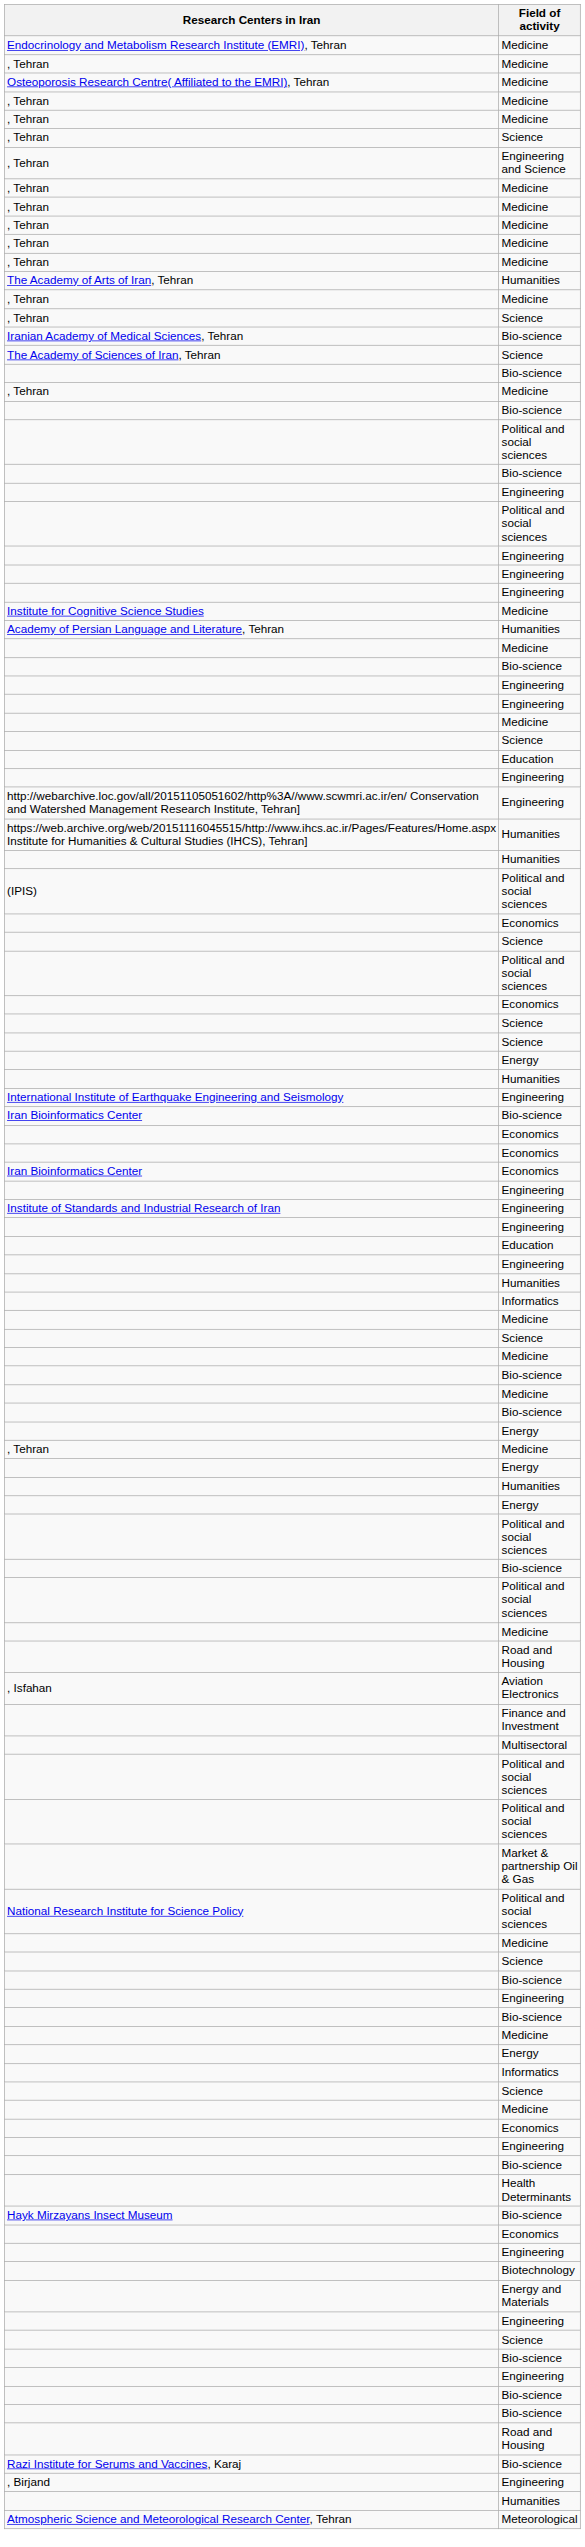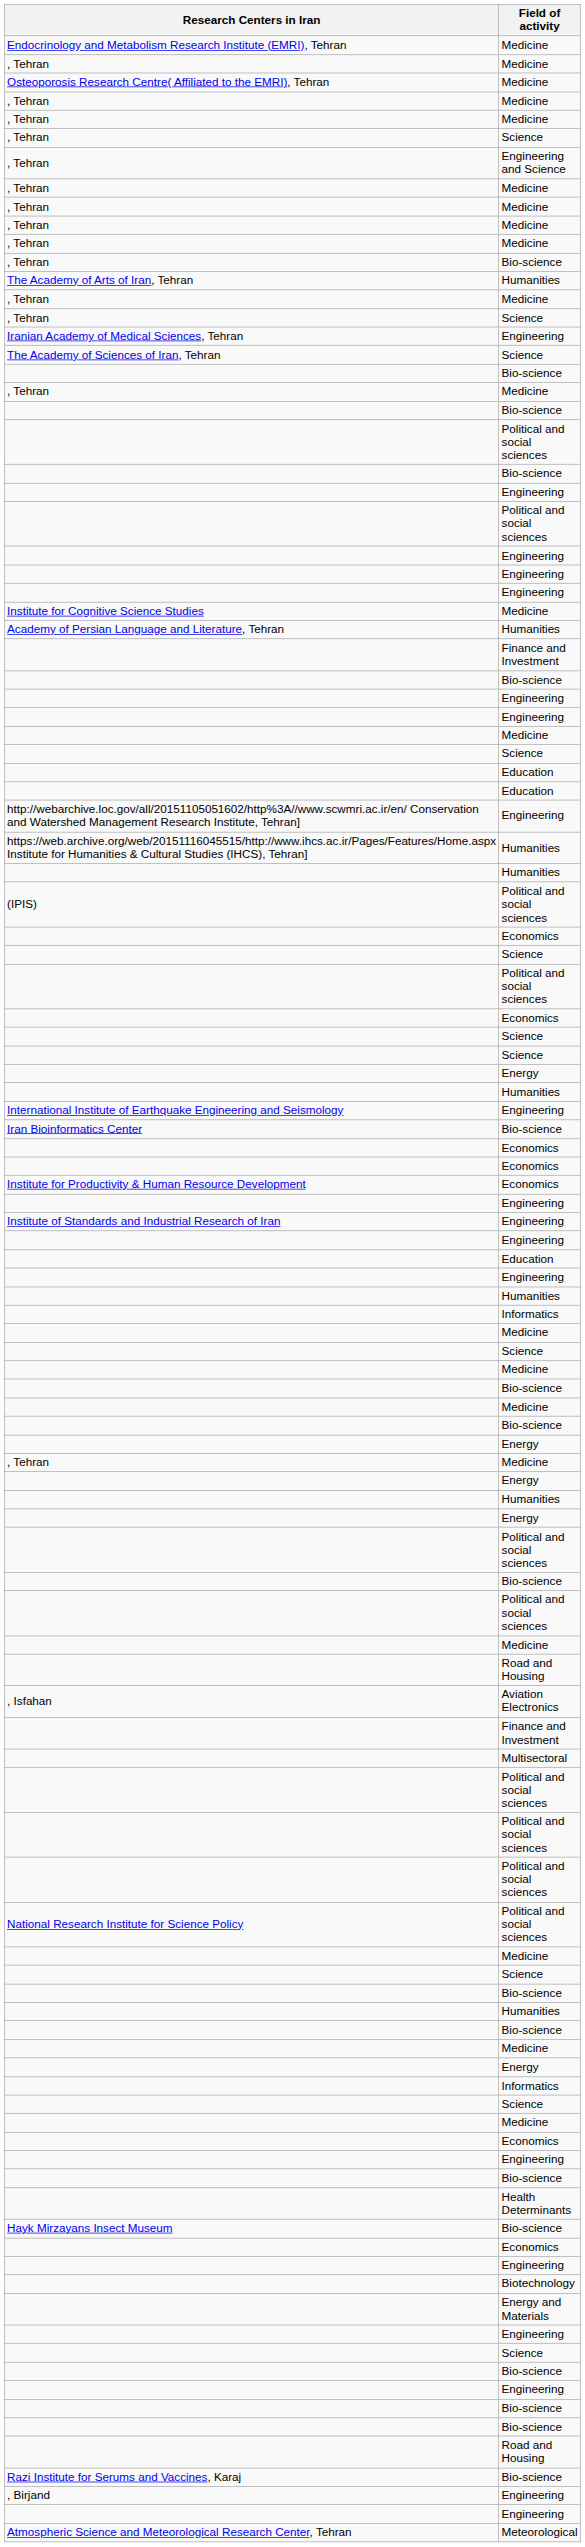 <table class="wikitable sortable">
 <tr>
 <th>Research Centers in Iran</th>
 <th>Field of activity</th>
 </tr>
 <tr>
 <td><a href='#'>Endocrinology and Metabolism Research Institute (EMRI)</a>,  Tehran </td>
 <td>Medicine</td>
 </tr>
 <tr>
 <td>,  Tehran</td>
 <td>Medicine</td>
 </tr>
 <tr>
 <td><a href='#'>Osteoporosis Research Centre( Affiliated to the EMRI)</a>,  Tehran </td>
 <td>Medicine</td>
 </tr>
 <tr http://www.ppvcro.com/ Clinical Research in Iran (CRO)], Tehran || Leading CRO in Iran>
 <td>,  Tehran</td>
 <td>Medicine</td>
 </tr>
 <tr>
 <td>,  Tehran</td>
 <td>Medicine</td>
 </tr>
 <tr>
 <td>,  Tehran</td>
 <td>Science</td>
 </tr>
 <tr []>
 <td>,  Tehran</td>
 <td>Engineering and Science</td>
 </tr>
 <tr>
 <td>,  Tehran</td>
 <td>Medicine</td>
 </tr>
 <tr>
 <td>,  Tehran</td>
 <td>Medicine</td>
 </tr>
 <tr>
 <td>,  Tehran</td>
 <td>Medicine</td>
 </tr>
 <tr>
 <td>,  Tehran</td>
 <td>Medicine</td>
 </tr>
 <tr>
 <td>,  Tehran</td>
-<td>Medicine</td>
+<td>Bio-science</td>
 </tr>
 <tr>
 <td><a href='#'>The Academy of Arts of Iran</a>, Tehran</td>
 <td>Humanities</td>
 </tr>
 <tr>
 <td>, Tehran</td>
 <td>Medicine</td>
 </tr>
 <tr>
 <td>, Tehran</td>
 <td>Science</td>
 </tr>
 <tr>
 <td><a href='#'>Iranian Academy of Medical Sciences</a>, Tehran</td>
-<td>Bio-science</td>
+<td>Engineering</td>
 </tr>
 <tr>
 <td><a href='#'>The Academy of Sciences of Iran</a>, Tehran</td>
 <td>Science</td>
 </tr>
 <tr>
 <td></td>
 <td>Bio-science</td>
 </tr>
 <tr>
 <td>, Tehran</td>
 <td>Medicine</td>
 </tr>
 <tr>
 <td></td>
 <td>Bio-science</td>
 </tr>
 <tr>
 <td></td>
 <td>Political and social sciences</td>
 </tr>
 <tr>
 <td></td>
 <td>Bio-science</td>
 </tr>
 <tr>
 <td></td>
 <td>Engineering</td>
 </tr>
 <tr>
 <td></td>
 <td>Political and social sciences</td>
 </tr>
 <tr>
 <td></td>
 <td>Engineering</td>
 </tr>
 <tr>
 <td></td>
 <td>Engineering</td>
 </tr>
 <tr>
 <td></td>
 <td>Engineering</td>
 </tr>
 <tr>
 <td><a href='#'>Institute for Cognitive Science Studies</a></td>
 <td>Medicine</td>
 </tr>
 <tr>
 <td><a href='#'>Academy of Persian Language and Literature</a>, Tehran</td>
 <td>Humanities</td>
 </tr>
 <tr>
 <td></td>
-<td>Medicine</td>
+<td>Finance and Investment</td>
 </tr>
 <tr>
 <td></td>
 <td>Bio-science</td>
 </tr>
 <tr>
 <td></td>
 <td>Engineering</td>
 </tr>
 <tr>
 <td></td>
 <td>Engineering</td>
 </tr>
 <tr>
 <td></td>
 <td>Medicine</td>
 </tr>
 <tr>
 <td></td>
 <td>Science</td>
 </tr>
 <tr>
 <td></td>
 <td>Education</td>
 </tr>
 <tr>
 <td></td>
-<td>Engineering</td>
+<td>Education</td>
 </tr>
 <tr>
 <td>http://webarchive.loc.gov/all/20151105051602/http%3A//www.scwmri.ac.ir/en/  Conservation and Watershed Management Research Institute, Tehran]</td>
 <td>Engineering</td>
 </tr>
 <tr>
 <td>https://web.archive.org/web/20151116045515/http://www.ihcs.ac.ir/Pages/Features/Home.aspx  Institute for Humanities & Cultural Studies  (IHCS), Tehran]</td>
 <td>Humanities</td>
 </tr>
 <tr>
 <td></td>
 <td>Humanities</td>
 </tr>
 <tr>
 <td> (IPIS)</td>
 <td>Political and social sciences</td>
 </tr>
 <tr>
 <td></td>
 <td>Economics</td>
 </tr>
 <tr>
 <td></td>
 <td>Science</td>
 </tr>
 <tr>
 <td></td>
 <td>Political and social sciences</td>
 </tr>
 <tr>
 <td></td>
 <td>Economics</td>
 </tr>
 <tr>
 <td></td>
 <td>Science</td>
 </tr>
 <tr>
 <td> </td>
 <td>Science</td>
 </tr>
 <tr>
 <td></td>
 <td>Energy</td>
 </tr>
 <tr>
 <td></td>
 <td>Humanities</td>
 </tr>
 <tr>
 <td><a href='#'>International Institute of Earthquake Engineering and Seismology</a></td>
 <td>Engineering</td>
 </tr>
 <tr>
 <td><a href='#'>Iran Bioinformatics Center</a></td>
 <td>Bio-science</td>
 </tr>
 <tr>
 <td></td>
 <td>Economics</td>
 </tr>
 <tr>
 <td></td>
 <td>Economics</td>
 </tr>
 <tr>
-<td><a href='#'>Iran Bioinformatics Center</a></td>
+<td><a href='#'>Institute for Productivity & Human Resource Development</a></td>
 <td>Economics</td>
 </tr>
 <tr>
 <td></td>
 <td>Engineering</td>
 </tr>
 <tr>
 <td><a href='#'>Institute of Standards and Industrial Research of Iran</a></td>
 <td>Engineering</td>
 </tr>
 <tr>
 <td></td>
 <td>Engineering</td>
 </tr>
 <tr>
 <td></td>
 <td>Education</td>
 </tr>
 <tr>
 <td></td>
 <td>Engineering</td>
 </tr>
 <tr>
 <td></td>
 <td>Humanities</td>
 </tr>
 <tr>
 <td></td>
 <td>Informatics</td>
 </tr>
 <tr>
 <td></td>
 <td>Medicine</td>
 </tr>
 <tr>
 <td></td>
 <td>Science</td>
 </tr>
 <tr>
 <td></td>
 <td>Medicine</td>
 </tr>
 <tr>
 <td></td>
 <td>Bio-science</td>
 </tr>
 <tr>
 <td></td>
 <td>Medicine</td>
 </tr>
 <tr>
 <td></td>
 <td>Bio-science</td>
 </tr>
 <tr>
 <td></td>
 <td>Energy</td>
 </tr>
 <tr>
 <td>, Tehran</td>
 <td>Medicine</td>
 </tr>
 <tr>
 <td></td>
 <td>Energy</td>
 </tr>
 <tr>
 <td></td>
 <td>Humanities</td>
 </tr>
 <tr>
 <td></td>
 <td>Energy</td>
 </tr>
 <tr>
 <td></td>
 <td>Political and social sciences</td>
 </tr>
 <tr>
 <td></td>
 <td>Bio-science</td>
 </tr>
 <tr>
 <td></td>
 <td>Political and social sciences</td>
 </tr>
 <tr>
 <td></td>
 <td>Medicine</td>
 </tr>
 <tr>
 <td></td>
 <td>Road and Housing</td>
 </tr>
 <tr>
 <td>, Isfahan</td>
 <td>Aviation Electronics</td>
 </tr>
 <tr>
 <td></td>
 <td>Finance and Investment</td>
 </tr>
 <tr>
 <td></td>
 <td>Multisectoral</td>
 </tr>
 <tr>
 <td></td>
 <td>Political and social sciences</td>
 </tr>
 <tr>
 <td></td>
 <td>Political and social sciences</td>
 </tr>
 <tr>
 <td></td>
-<td>Market & partnership Oil & Gas</td>
+<td>Political and social sciences</td>
 </tr>
 <tr>
 <td><a href='#'>National Research Institute for Science Policy</a></td>
 <td>Political and social sciences</td>
 </tr>
 <tr>
 <td></td>
 <td>Medicine</td>
 </tr>
 <tr>
 <td></td>
 <td>Science</td>
 </tr>
 <tr>
 <td></td>
 <td>Bio-science</td>
 </tr>
 <tr>
 <td></td>
-<td>Engineering</td>
+<td>Humanities</td>
 </tr>
 <tr>
 <td></td>
 <td>Bio-science</td>
 </tr>
 <tr>
 <td></td>
 <td>Medicine</td>
 </tr>
 <tr>
 <td></td>
 <td>Energy</td>
 </tr>
 <tr>
 <td></td>
 <td>Informatics</td>
 </tr>
 <tr>
 <td></td>
 <td>Science</td>
 </tr>
 <tr>
 <td></td>
 <td>Medicine</td>
 </tr>
 <tr>
 <td></td>
 <td>Economics</td>
 </tr>
 <tr>
 <td></td>
 <td>Engineering</td>
 </tr>
 <tr>
 <td></td>
 <td>Bio-science</td>
 </tr>
 <tr>
 <td></td>
 <td>Health Determinants</td>
 </tr>
 <tr>
 <td><a href='#'>Hayk Mirzayans Insect Museum</a></td>
 <td>Bio-science</td>
 </tr>
 <tr>
 <td></td>
 <td>Economics</td>
 </tr>
 <tr>
 <td></td>
 <td>Engineering</td>
 </tr>
 <tr>
 <td></td>
 <td>Biotechnology</td>
 </tr>
 <tr>
 <td></td>
 <td>Energy and Materials</td>
 </tr>
 <tr>
 <td></td>
 <td>Engineering</td>
 </tr>
 <tr>
 <td></td>
 <td>Science</td>
 </tr>
 <tr>
 <td></td>
 <td>Bio-science</td>
 </tr>
 <tr>
 <td></td>
 <td>Engineering</td>
 </tr>
 <tr>
 <td></td>
 <td>Bio-science</td>
 </tr>
 <tr>
 <td></td>
 <td>Bio-science</td>
 </tr>
 <tr>
 <td></td>
 <td>Road and Housing</td>
 </tr>
 <tr>
 <td><a href='#'>Razi Institute for Serums and Vaccines</a>, Karaj</td>
 <td>Bio-science</td>
 </tr>
 <tr>
 <td>, Birjand</td>
 <td>Engineering</td>
 </tr>
 <tr>
 <td></td>
-<td>Humanities</td>
+<td>Engineering</td>
 </tr>
 <tr>
 <td><a href='#'>Atmospheric Science and Meteorological Research Center</a>, Tehran</td>
 <td>Meteorological</td>
 </tr>
 </table>
